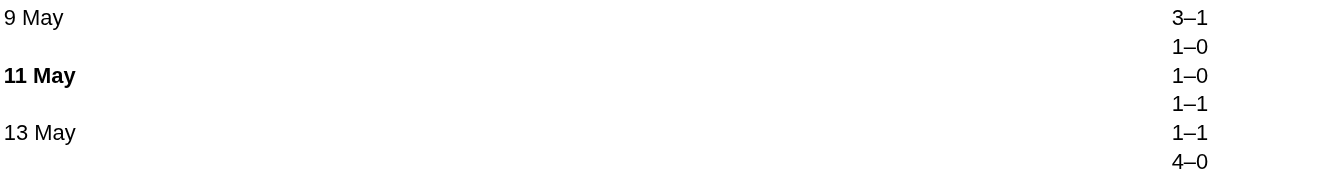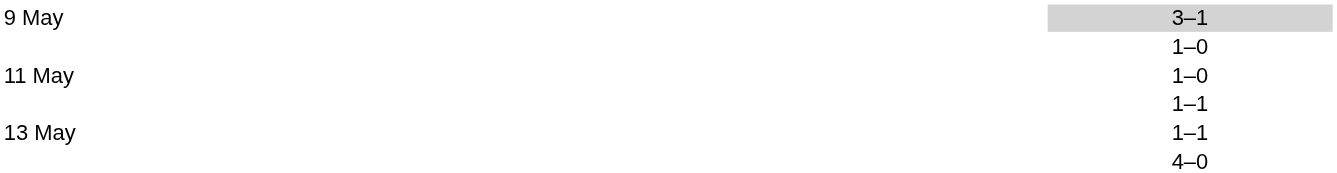 <table cellspacing=1 width=70%>
 <tr>
 <th width=25%></th>
 <th width=30%></th>
 <th width=15%></th>
 <th width=30%></th>
 </tr>
 <tr>
 <td>9 May</td>
 <td align=right></td>
-<td align=center>3–1</td>
+<td align=center style="background: lightgrey;">3–1</td>
 <td></td>
 </tr>
 <tr>
 <td></td>
 <td align=right></td>
 <td align=center>1–0</td>
 <td></td>
 </tr>
 <tr>
-<td><strong>11 May</strong></td>
+<td>11 May</td>
 <td align=right></td>
 <td align=center>1–0</td>
 <td></td>
 </tr>
 <tr>
 <td></td>
 <td align=right></td>
 <td align=center>1–1</td>
 <td></td>
 </tr>
 <tr>
 <td>13 May</td>
 <td align=right></td>
 <td align=center>1–1</td>
 <td></td>
 </tr>
 <tr>
 <td></td>
 <td align=right></td>
 <td align=center>4–0</td>
 <td></td>
 </tr>
 </table>
